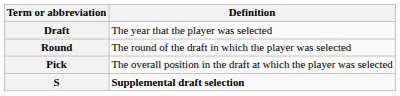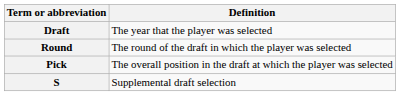 <table class="wikitable">
 <tr>
 <th scope="col">Term or abbreviation</th>
 <th scope="col">Definition</th>
 </tr>
 <tr>
 <th scope="row">Draft</th>
 <td>The year that the player was selected</td>
 </tr>
 <tr>
 <th scope="row">Round</th>
 <td>The round of the draft in which the player was selected</td>
 </tr>
 <tr>
 <th scope="row">Pick</th>
 <td>The overall position in the draft at which the player was selected</td>
 </tr>
 <tr>
 <th scope="row">S</th>
-<td><strong>Supplemental draft selection</strong></td>
+<td>Supplemental draft selection</td>
 </tr>
 </table>
